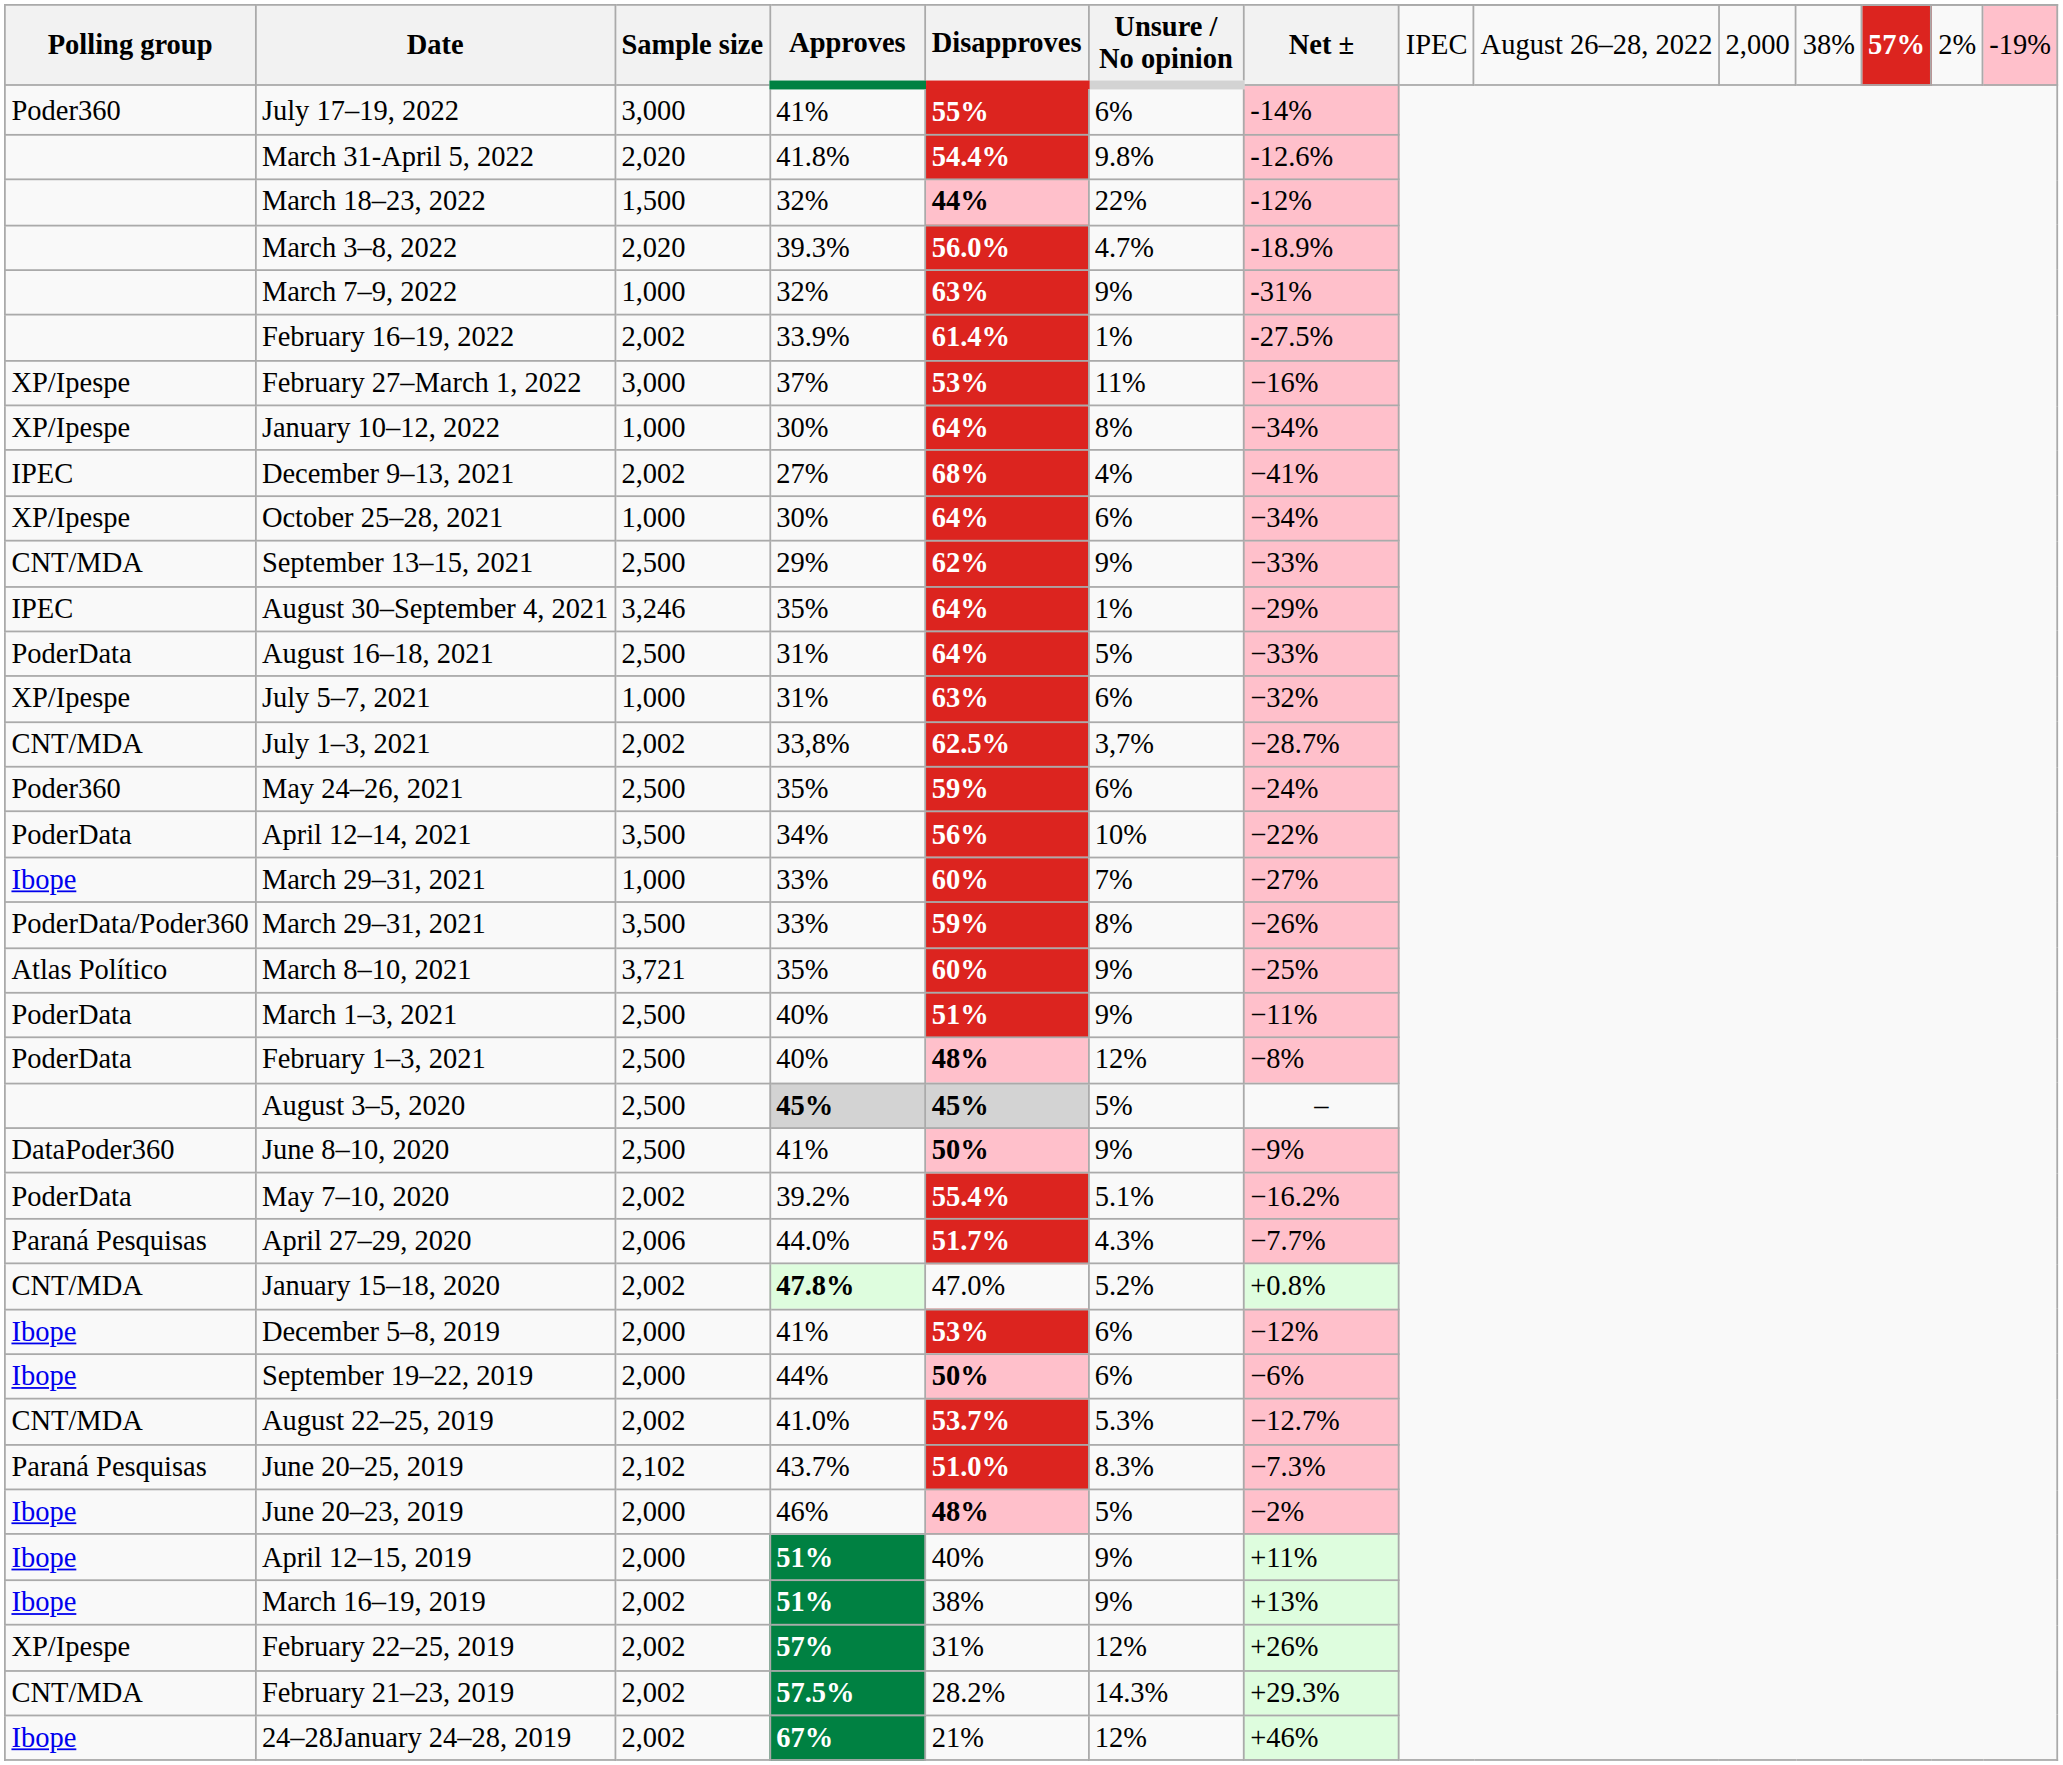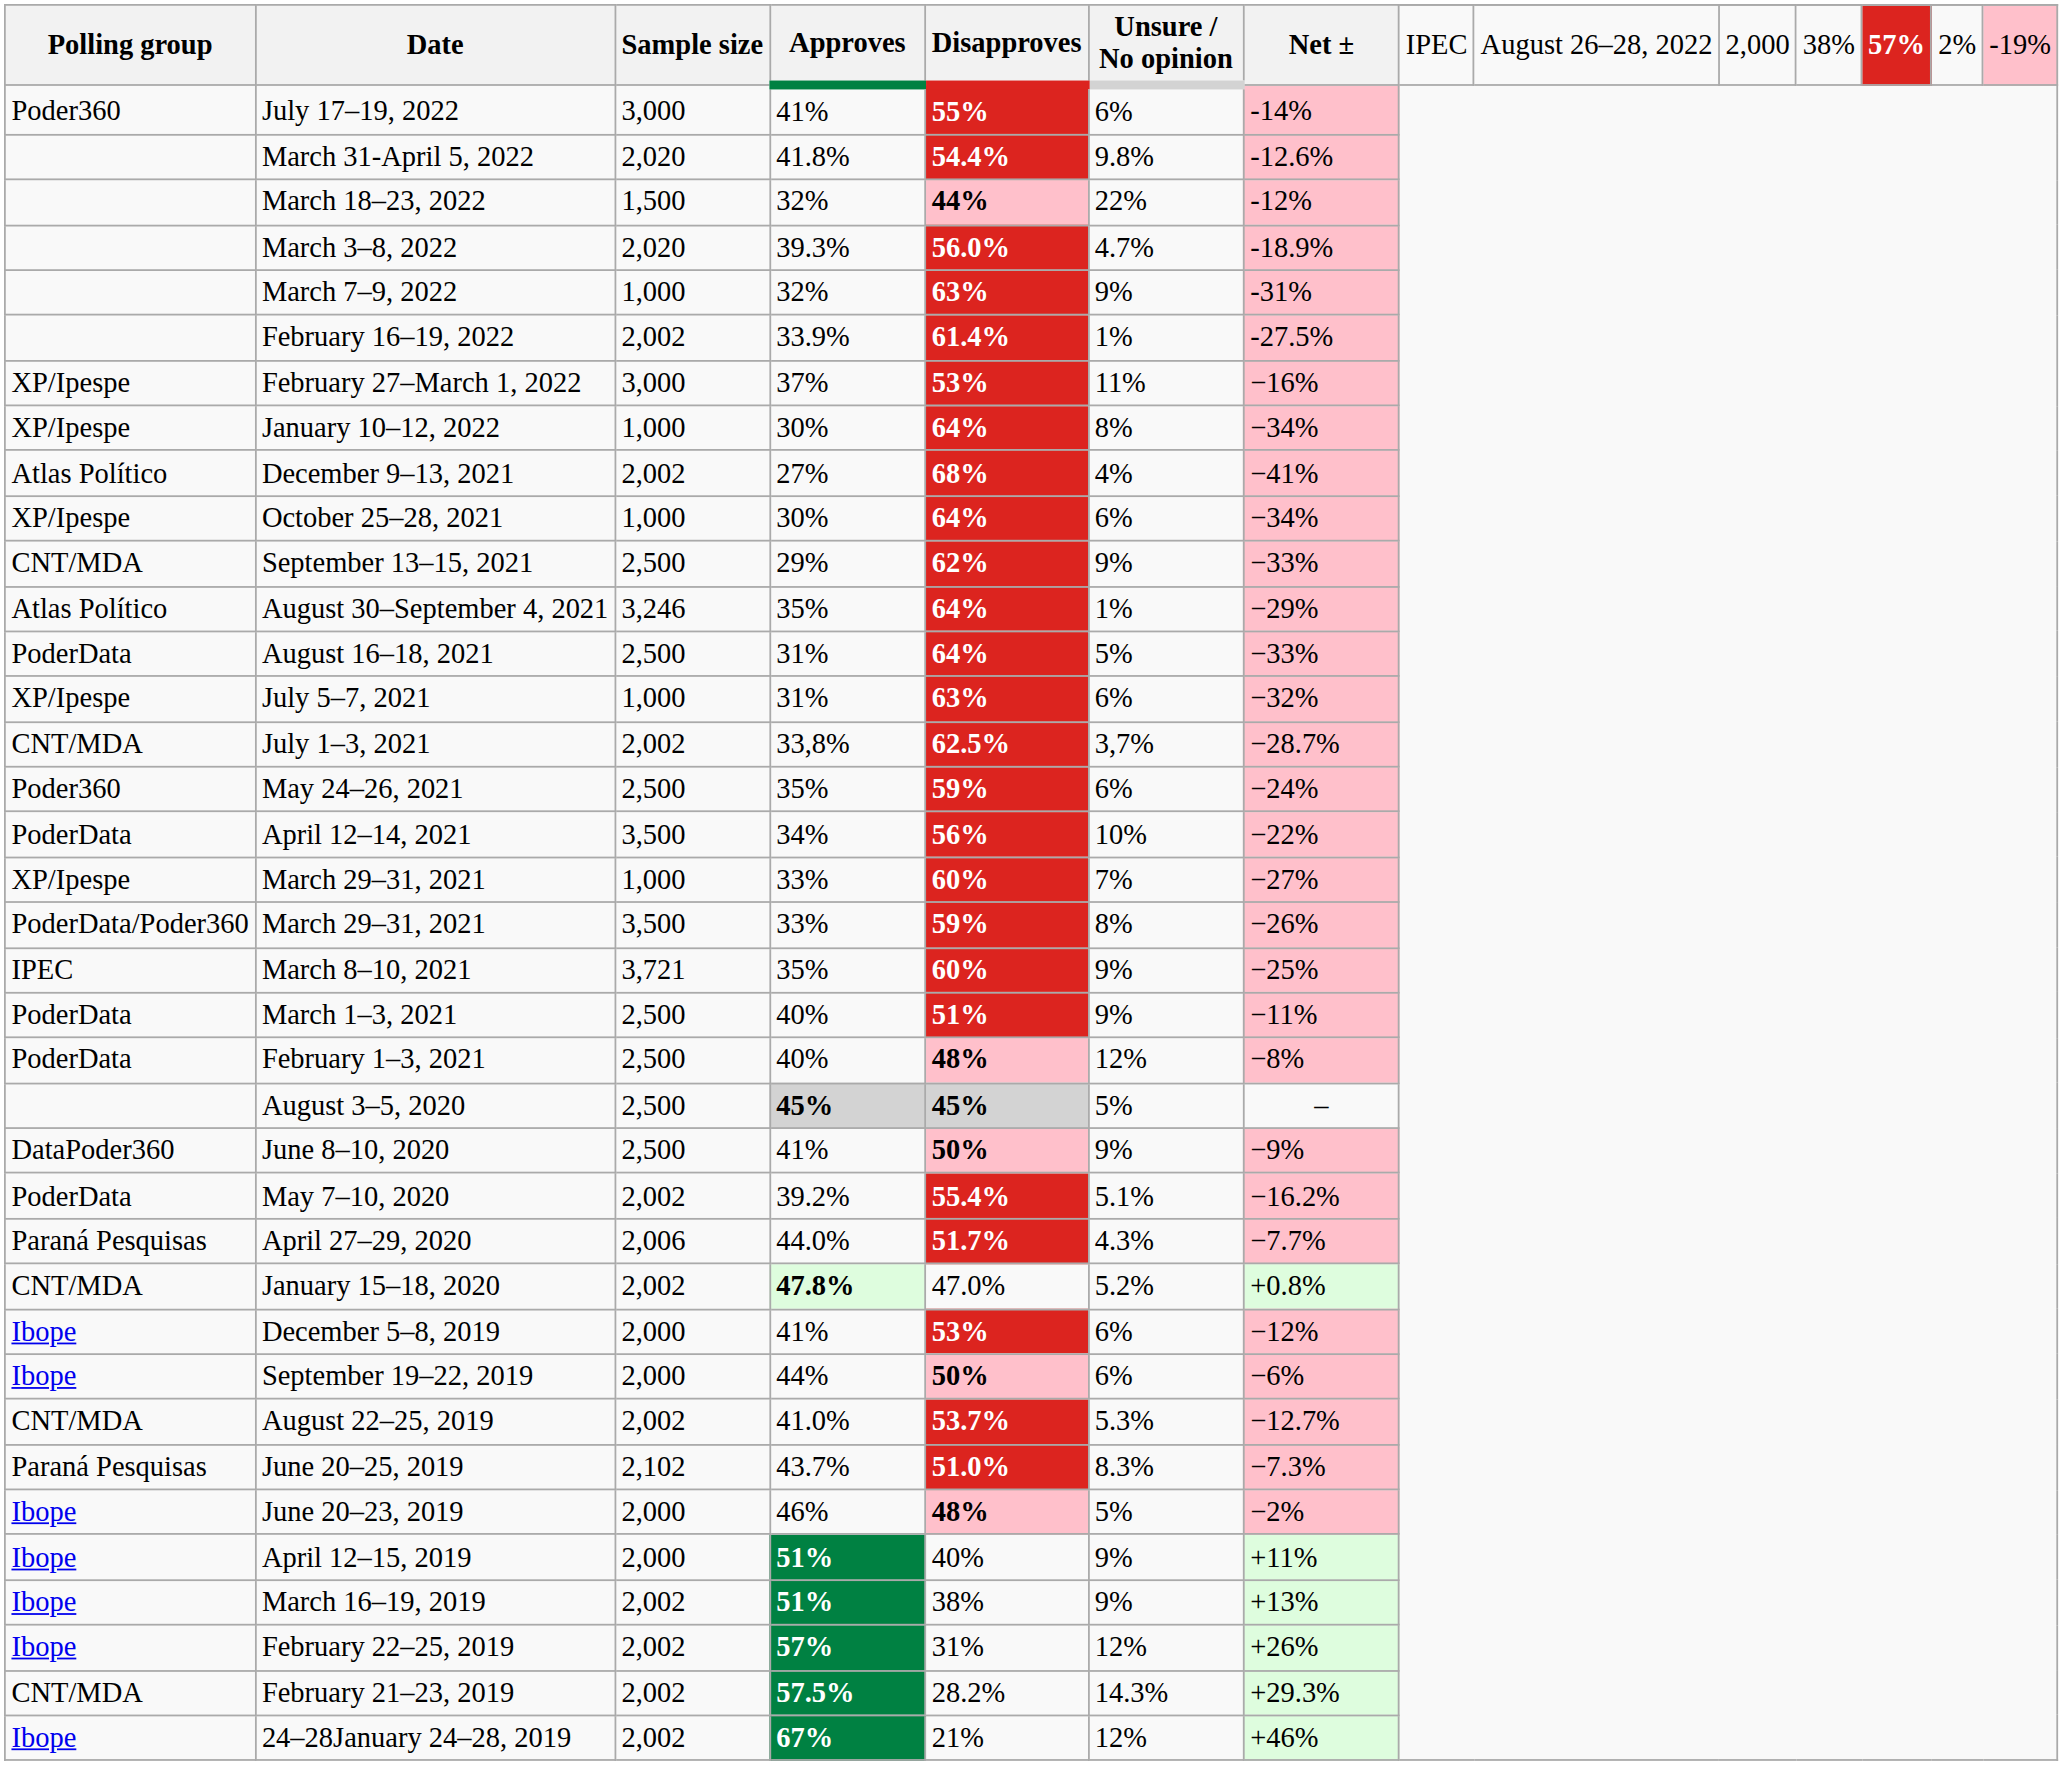 <table class="wikitable sortable">
 <tr>
 <th rowspan="2">Polling group</th>
 <th rowspan="2">Date</th>
 <th rowspan="2">Sample size</th>
 <th rowspan="2" style="width:80px; border-bottom: 5px solid #008142">Approves</th>
 <th rowspan="2" style="width:80px; border-bottom: 5px solid #DC241F">Disapproves</th>
 <th rowspan="2" style="width:80px; border-bottom: 5px solid lightgray">Unsure / No opinion</th>
 <th rowspan="2" style="width:80px;">Net ±<br></th>
 </tr>
 <tr>
 <td>IPEC</td>
 <td>August 26–28, 2022</td>
 <td>2,000</td>
 <td>38%</td>
 <td style="background:#DC241F;color:white"><strong>57%</strong></td>
 <td>2%</td>
 <td style="background:pink">-19%</td>
 </tr>
 <tr>
 <td>Poder360</td>
 <td>July 17–19, 2022</td>
 <td>3,000</td>
 <td>41%</td>
 <td style="background:#DC241F;color:white"><strong>55%</strong></td>
 <td>6%</td>
 <td style="background:pink">-14%</td>
 </tr>
 <tr>
 <td></td>
 <td>March 31-April 5, 2022</td>
 <td>2,020</td>
 <td>41.8%</td>
 <td style="background:#DC241F;color:white"><strong>54.4%</strong></td>
 <td>9.8%</td>
 <td style="background:pink">-12.6%</td>
 </tr>
 <tr>
 <td></td>
 <td>March 18–23, 2022</td>
 <td>1,500</td>
 <td>32%</td>
 <td style="background:pink"><strong>44%</strong></td>
 <td>22%</td>
 <td style="background:pink">-12%</td>
 </tr>
 <tr>
 <td></td>
 <td>March 3–8, 2022</td>
 <td>2,020</td>
 <td>39.3%</td>
 <td style="background:#DC241F;color:white"><strong>56.0%</strong></td>
 <td>4.7%</td>
 <td style="background:pink">-18.9%</td>
 </tr>
 <tr>
 <td></td>
 <td>March 7–9, 2022</td>
 <td>1,000</td>
 <td>32%</td>
 <td style="background:#DC241F;color:white"><strong>63%</strong></td>
 <td>9%</td>
 <td style="background:pink">-31%</td>
 </tr>
 <tr>
 <td></td>
 <td>February 16–19, 2022</td>
 <td>2,002</td>
 <td>33.9%</td>
 <td style="background:#DC241F;color:white"><strong>61.4%</strong></td>
 <td>1%</td>
 <td style="background:pink">-27.5%</td>
 </tr>
 <tr>
 <td>XP/Ipespe</td>
 <td data-sort-value="2022-04-12">February 27–March 1, 2022</td>
 <td>3,000</td>
 <td>37%</td>
 <td style="background:#DC241F;color:white"><strong>53%</strong></td>
 <td>11%</td>
 <td style="background:pink">−16%</td>
 </tr>
 <tr>
 <td>XP/Ipespe</td>
 <td data-sort-value="2022-04-12">January 10–12, 2022</td>
 <td>1,000</td>
 <td>30%</td>
 <td style="background:#DC241F;color:white"><strong>64%</strong></td>
 <td>8%</td>
 <td style="background:pink">−34%</td>
 </tr>
 <tr>
-<td>IPEC</td>
+<td>Atlas Político</td>
 <td data-sort-value="2021-12-13">December 9–13, 2021</td>
 <td>2,002</td>
 <td>27%</td>
 <td style="background:#DC241F;color:white"><strong>68%</strong></td>
 <td>4%</td>
 <td style="background:pink">−41%</td>
 </tr>
 <tr>
 <td>XP/Ipespe</td>
 <td data-sort-value="2021-10-28">October 25–28, 2021</td>
 <td>1,000</td>
 <td>30%</td>
 <td style="background:#DC241F;color:white"><strong>64%</strong></td>
 <td>6%</td>
 <td style="background:pink">−34%</td>
 </tr>
 <tr>
 <td>CNT/MDA</td>
 <td data-sort-value="2021-09-15">September 13–15, 2021</td>
 <td>2,500</td>
 <td>29%</td>
 <td style="background:#DC241F;color:white"><strong>62%</strong></td>
 <td>9%</td>
 <td style="background:pink">−33%</td>
 </tr>
 <tr>
-<td>IPEC</td>
+<td>Atlas Político</td>
 <td data-sort-value="2021-09-04">August 30–September 4, 2021</td>
 <td>3,246</td>
 <td>35%</td>
 <td style="background:#DC241F;color:white"><strong>64%</strong></td>
 <td>1%</td>
 <td style="background:pink">−29%</td>
 </tr>
 <tr>
 <td>PoderData</td>
 <td data-sort-value="2021-08-18">August 16–18, 2021</td>
 <td>2,500</td>
 <td>31%</td>
 <td style="background:#DC241F;color:white"><strong>64%</strong></td>
 <td>5%</td>
 <td style="background:pink">−33%</td>
 </tr>
 <tr>
 <td>XP/Ipespe</td>
 <td data-sort-value="2021-07-07">July 5–7, 2021</td>
 <td>1,000</td>
 <td>31%</td>
 <td style="background:#DC241F;color:white"><strong>63%</strong></td>
 <td>6%</td>
 <td style="background:pink">−32%</td>
 </tr>
 <tr>
 <td>CNT/MDA</td>
 <td data-sort-value="2021-07-03">July 1–3, 2021</td>
 <td>2,002</td>
 <td>33,8%</td>
 <td style="background:#DC241F;color:white"><strong>62.5%</strong></td>
 <td>3,7%</td>
 <td style="background:pink">−28.7%</td>
 </tr>
 <tr>
 <td>Poder360</td>
 <td data-sort-value="2021-05-26">May 24–26, 2021</td>
 <td>2,500</td>
 <td>35%</td>
 <td style="background:#DC241F;color:white"><strong>59%</strong></td>
 <td>6%</td>
 <td style="background:pink">−24%</td>
 </tr>
 <tr>
 <td>PoderData</td>
 <td data-sort-value="2021-04-14">April 12–14, 2021</td>
 <td>3,500</td>
 <td>34%</td>
 <td style="background:#DC241F;color:white"><strong>56%</strong></td>
 <td>10%</td>
 <td style="background:pink">−22%</td>
 </tr>
 <tr>
-<td><a href='#'>Ibope</a></td>
+<td>XP/Ipespe</td>
 <td data-sort-value="2021-03-31">March 29–31, 2021</td>
 <td>1,000</td>
 <td>33%</td>
 <td style="background:#DC241F;color:white"><strong>60%</strong></td>
 <td>7%</td>
 <td style="background:pink">−27%</td>
 </tr>
 <tr>
 <td>PoderData/Poder360</td>
 <td data-sort-value="2021-03-31">March 29–31, 2021</td>
 <td>3,500</td>
 <td>33%</td>
 <td style="background:#DC241F;color:white"><strong>59%</strong></td>
 <td>8%</td>
 <td style="background:pink">−26%</td>
 </tr>
 <tr>
-<td>Atlas Político</td>
+<td>IPEC</td>
 <td data-sort-value="2021-03-11">March 8–10, 2021</td>
 <td>3,721</td>
 <td>35%</td>
 <td style="background:#DC241F;color:white"><strong>60%</strong></td>
 <td>9%</td>
 <td style="background:pink">−25%</td>
 </tr>
 <tr>
 <td>PoderData</td>
 <td data-sort-value="2021-03-03">March 1–3, 2021</td>
 <td>2,500</td>
 <td>40%</td>
 <td style="background:#DC241F;color:white"><strong>51%</strong></td>
 <td>9%</td>
 <td style="background:pink">−11%</td>
 </tr>
 <tr>
 <td>PoderData</td>
 <td data-sort-value="2021-02-03">February 1–3, 2021</td>
 <td>2,500</td>
 <td>40%</td>
 <td style="background:pink"><strong>48%</strong></td>
 <td>12%</td>
 <td style="background:pink">−8%</td>
 </tr>
 <tr>
 <td></td>
 <td data-sort-value="2020-08-05">August 3–5, 2020</td>
 <td>2,500</td>
 <td style="background:#d3d3d3;"><strong>45%</strong></td>
 <td style="background:#d3d3d3;"><strong>45%</strong></td>
 <td>5%</td>
 <td style="text-align:center;">–</td>
 </tr>
 <tr>
 <td>DataPoder360</td>
 <td data-sort-value="2020-06-10">June 8–10, 2020</td>
 <td>2,500</td>
 <td>41%</td>
 <td style="background:pink"><strong>50%</strong></td>
 <td>9%</td>
 <td style="background:pink">−9%</td>
 </tr>
 <tr>
 <td>PoderData</td>
 <td data-sort-value="2020-05-10">May 7–10, 2020</td>
 <td>2,002</td>
 <td>39.2%</td>
 <td style="background:#DC241F;color:white"><strong>55.4%</strong></td>
 <td>5.1%</td>
 <td style="background:pink">−16.2%</td>
 </tr>
 <tr>
 <td>Paraná Pesquisas</td>
 <td data-sort-value="2020-04-29">April 27–29, 2020</td>
 <td>2,006</td>
 <td>44.0%</td>
 <td style="background:#DC241F;color:white"><strong>51.7%</strong></td>
 <td>4.3%</td>
 <td style="background:pink">−7.7%</td>
 </tr>
 <tr>
 <td>CNT/MDA</td>
 <td data-sort-value="2020-01-18">January 15–18, 2020</td>
 <td>2,002</td>
 <td style="background:#DEFDDE"><strong>47.8%</strong></td>
 <td>47.0%</td>
 <td>5.2%</td>
 <td style="background:#DEFDDE">+0.8%</td>
 </tr>
 <tr>
 <td><a href='#'>Ibope</a></td>
 <td data-sort-value="2019-12-08">December 5–8, 2019</td>
 <td>2,000</td>
 <td>41%</td>
 <td style="background:#DC241F;color:white"><strong>53%</strong></td>
 <td>6%</td>
 <td style="background:pink">−12%</td>
 </tr>
 <tr>
 <td><a href='#'>Ibope</a></td>
 <td data-sort-value="2019-09-22">September 19–22, 2019</td>
 <td>2,000</td>
 <td>44%</td>
 <td style="background:pink"><strong>50%</strong></td>
 <td>6%</td>
 <td style="background:pink">−6%</td>
 </tr>
 <tr>
 <td>CNT/MDA</td>
 <td data-sort-value="2019-08-25">August 22–25, 2019</td>
 <td>2,002</td>
 <td>41.0%</td>
 <td style="background:#DC241F;color:white"><strong>53.7%</strong></td>
 <td>5.3%</td>
 <td style="background:pink">−12.7%</td>
 </tr>
 <tr>
 <td>Paraná Pesquisas</td>
 <td data-sort-value="2019-06-25">June 20–25, 2019</td>
 <td>2,102</td>
 <td>43.7%</td>
 <td style="background:#DC241F;color:white"><strong>51.0%</strong></td>
 <td>8.3%</td>
 <td style="background:pink">−7.3%</td>
 </tr>
 <tr>
 <td><a href='#'>Ibope</a></td>
 <td data-sort-value="2019-06-23">June 20–23, 2019</td>
 <td>2,000</td>
 <td>46%</td>
 <td style="background:pink"><strong>48%</strong></td>
 <td>5%</td>
 <td style="background:pink">−2%</td>
 </tr>
 <tr>
 <td><a href='#'>Ibope</a></td>
 <td data-sort-value="2019-04-15">April 12–15, 2019</td>
 <td>2,000</td>
 <td style="background:#008142;color:white"><strong>51%</strong></td>
 <td>40%</td>
 <td>9%</td>
 <td style="background:#DEFDDE;">+11%</td>
 </tr>
 <tr>
 <td><a href='#'>Ibope</a></td>
 <td data-sort-value="2019-03-19">March 16–19, 2019</td>
 <td>2,002</td>
 <td style="background:#008142;color:white"><strong>51%</strong></td>
 <td>38%</td>
 <td>9%</td>
 <td style="background:#DEFDDE;">+13%</td>
 </tr>
 <tr>
-<td>XP/Ipespe</td>
+<td><a href='#'>Ibope</a></td>
 <td data-sort-value="2019-02-25">February 22–25, 2019</td>
 <td>2,002</td>
 <td style="background:#008142;color:white"><strong>57%</strong></td>
 <td>31%</td>
 <td>12%</td>
 <td style="background:#DEFDDE;">+26%</td>
 </tr>
 <tr>
 <td>CNT/MDA</td>
 <td data-sort-value="2019-02-23">February 21–23, 2019</td>
 <td>2,002</td>
 <td style="background:#008142;color:white"><strong>57.5%</strong></td>
 <td>28.2%</td>
 <td>14.3%</td>
 <td style="background:#DEFDDE">+29.3%</td>
 </tr>
 <tr>
 <td><a href='#'>Ibope</a></td>
 <td data-sort-value="2019-01-28">24–28January 24–28, 2019</td>
 <td>2,002</td>
 <td style="background:#008142;color:white"><strong>67%</strong></td>
 <td>21%</td>
 <td>12%</td>
 <td style="background:#DEFDDE;">+46%</td>
 </tr>
 </table>
